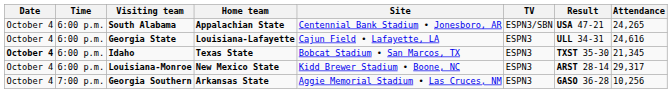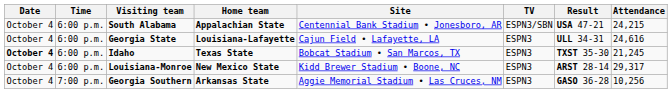 <table class="wikitable" style="font-size:95%;">
 <tr>
 <th>Date</th>
 <th>Time</th>
 <th>Visiting team</th>
 <th>Home team</th>
 <th>Site</th>
 <th>TV</th>
 <th>Result</th>
 <th>Attendance</th>
 </tr>
 <tr style="background:">
 <td>October 4</td>
 <td>6:00 p.m.</td>
 <td><strong>South Alabama</strong></td>
 <td><strong>Appalachian State</strong></td>
 <td><a href='#'>Centennial Bank Stadium</a> • <a href='#'>Jonesboro, AR</a></td>
 <td>ESPN3/SBN</td>
 <td><strong>USA</strong> 47-21</td>
-<td>24,265</td>
+<td>24,215</td>
 </tr>
 <tr style="background:">
 <td>October 4</td>
 <td>6:00 p.m.</td>
 <td><strong>Georgia State</strong></td>
 <td><strong>Louisiana-Lafayette</strong></td>
 <td><a href='#'>Cajun Field</a> • <a href='#'>Lafayette, LA</a></td>
 <td>ESPN3</td>
 <td><strong>ULL</strong> 34-31</td>
 <td>24,616</td>
 </tr>
 <tr style="background:">
 <td><strong>October 4</strong></td>
 <td>6:00 p.m.</td>
 <td><strong>Idaho</strong></td>
 <td><strong>Texas State</strong></td>
 <td><a href='#'>Bobcat Stadium</a> • <a href='#'>San Marcos, TX</a></td>
 <td>ESPN3</td>
 <td><strong>TXST</strong> 35-30</td>
-<td>21,345</td>
+<td>21,245</td>
 </tr>
 <tr style="background:">
 <td>October 4</td>
 <td>6:00 p.m.</td>
 <td><strong>Louisiana-Monroe</strong></td>
 <td><strong>New Mexico State</strong></td>
 <td><a href='#'>Kidd Brewer Stadium</a> • <a href='#'>Boone, NC</a></td>
 <td>ESPN3</td>
 <td><strong>ARST</strong> 28-14</td>
 <td>29,317</td>
 </tr>
 <tr style="background:">
 <td>October 4</td>
 <td>7:00 p.m.</td>
 <td><strong>Georgia Southern</strong></td>
 <td><strong>Arkansas State</strong></td>
 <td><a href='#'>Aggie Memorial Stadium</a> • <a href='#'>Las Cruces, NM</a></td>
 <td>ESPN3</td>
 <td><strong>GASO</strong> 36-28</td>
 <td>10,256</td>
 </tr>
 </table>
